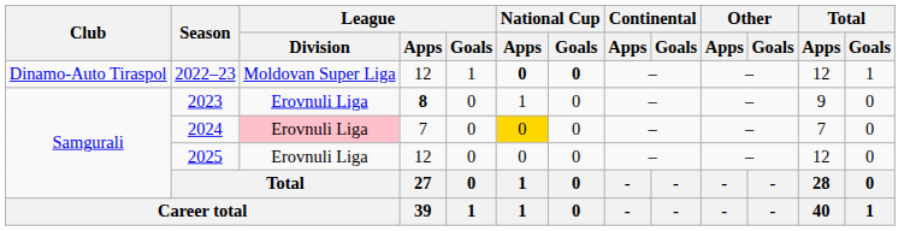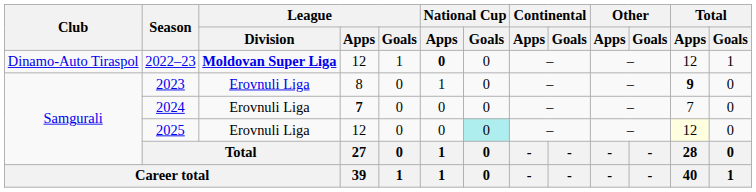 <table class="wikitable" style="text-align: center;">
 <tr>
 <th rowspan="2">Club</th>
 <th rowspan="2">Season</th>
 <th colspan="3">League</th>
 <th colspan="2">National Cup</th>
 <th colspan="2">Continental</th>
 <th colspan="2">Other</th>
 <th colspan="2">Total</th>
 </tr>
 <tr>
 <th>Division</th>
 <th>Apps</th>
 <th>Goals</th>
 <th>Apps</th>
 <th>Goals</th>
 <th>Apps</th>
 <th>Goals</th>
 <th>Apps</th>
 <th>Goals</th>
 <th>Apps</th>
 <th>Goals</th>
 </tr>
 <tr>
 <td><a href='#'>Dinamo-Auto Tiraspol</a></td>
 <td><a href='#'>2022–23</a></td>
-<td><a href='#'>Moldovan Super Liga</a></td>
+<td><strong><a href='#'>Moldovan Super Liga</a></strong></td>
 <td>12</td>
 <td>1</td>
 <td><strong>0</strong></td>
-<td><strong>0</strong></td>
+<td>0</td>
 <td colspan="2">–</td>
 <td colspan="2">–</td>
 <td>12</td>
 <td>1</td>
 </tr>
 <tr>
 <td rowspan="4"><a href='#'>Samgurali</a></td>
 <td><a href='#'>2023</a></td>
 <td><a href='#'>Erovnuli Liga</a></td>
-<td><strong>8</strong></td>
+<td>8</td>
 <td>0</td>
 <td>1</td>
 <td>0</td>
 <td colspan="2">–</td>
 <td colspan="2">–</td>
-<td>9</td>
+<td><strong>9</strong></td>
 <td>0</td>
 </tr>
 <tr>
 <td><a href='#'>2024</a></td>
-<td style="background: pink;">Erovnuli Liga</td>
-<td>7</td>
+<td>Erovnuli Liga</td>
+<td><strong>7</strong></td>
 <td>0</td>
-<td style="background: gold;">0</td>
+<td>0</td>
 <td>0</td>
 <td colspan="2">–</td>
 <td colspan="2">–</td>
 <td>7</td>
 <td>0</td>
 </tr>
 <tr>
 <td><a href='#'>2025</a></td>
 <td>Erovnuli Liga</td>
 <td>12</td>
 <td>0</td>
 <td>0</td>
-<td>0</td>
+<td style="background: paleturquoise;">0</td>
 <td colspan="2">–</td>
 <td colspan="2">–</td>
-<td>12</td>
+<td style="background: lightyellow;">12</td>
 <td>0</td>
 </tr>
 <tr>
 <th colspan="2">Total</th>
 <th>27</th>
 <th>0</th>
 <th>1</th>
 <th>0</th>
 <th>-</th>
 <th>-</th>
 <th>-</th>
 <th>-</th>
 <th>28</th>
 <th>0</th>
 </tr>
 <tr>
 <th colspan="3">Career total</th>
 <th>39</th>
 <th>1</th>
 <th>1</th>
 <th>0</th>
 <th>-</th>
 <th>-</th>
 <th>-</th>
 <th>-</th>
 <th>40</th>
 <th>1</th>
 </tr>
 </table>
